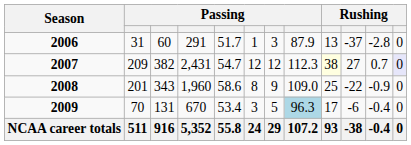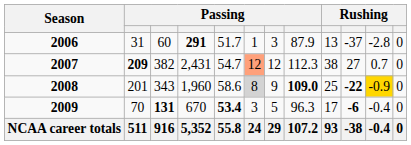 <table class="wikitable sortable" style="text-align:center;">
 <tr>
 <th rowspan=2>Season</th>
 <th colspan=7>Passing</th>
 <th colspan=4>Rushing</th>
 </tr>
 <tr>
 <th></th>
 <th></th>
 <th></th>
 <th></th>
 <th></th>
 <th></th>
 <th></th>
 <th></th>
 <th></th>
 <th></th>
 <th></th>
 </tr>
 <tr>
 <td><strong>2006</strong></td>
 <td>31</td>
 <td>60</td>
-<td>291</td>
+<td><strong>291</strong></td>
 <td>51.7</td>
 <td>1</td>
 <td>3</td>
 <td>87.9</td>
 <td>13</td>
 <td>-37</td>
 <td>-2.8</td>
 <td>0</td>
 </tr>
 <tr>
 <td><strong>2007</strong></td>
-<td>209</td>
+<td><strong>209</strong></td>
 <td>382</td>
 <td>2,431</td>
 <td>54.7</td>
-<td>12</td>
+<td style="background: lightsalmon;">12</td>
 <td>12</td>
 <td>112.3</td>
-<td style="background: lightyellow;">38</td>
+<td>38</td>
 <td>27</td>
 <td>0.7</td>
-<td style="background: lavender;">0</td>
+<td>0</td>
 </tr>
 <tr>
 <td><strong>2008</strong></td>
 <td>201</td>
 <td>343</td>
 <td>1,960</td>
 <td>58.6</td>
-<td>8</td>
+<td style="background: lightgrey;">8</td>
 <td>9</td>
-<td>109.0</td>
+<td><strong>109.0</strong></td>
 <td>25</td>
-<td>-22</td>
-<td>-0.9</td>
+<td><strong>-22</strong></td>
+<td style="background: gold;">-0.9</td>
 <td>0</td>
 </tr>
 <tr>
 <td><strong>2009</strong></td>
 <td>70</td>
-<td>131</td>
+<td><strong>131</strong></td>
 <td>670</td>
-<td>53.4</td>
+<td><strong>53.4</strong></td>
 <td>3</td>
 <td>5</td>
-<td style="background: lightblue;">96.3</td>
+<td>96.3</td>
 <td>17</td>
-<td>-6</td>
+<td><strong>-6</strong></td>
 <td>-0.4</td>
 <td>0</td>
 </tr>
 <tr class="sortbottom" style="background:#eee;">
 <th>NCAA career totals</th>
 <th>511</th>
 <th>916</th>
 <th>5,352</th>
 <th>55.8</th>
 <th>24</th>
 <th>29</th>
 <th>107.2</th>
 <th>93</th>
 <th>-38</th>
 <th>-0.4</th>
 <th>0</th>
 </tr>
 </table>
